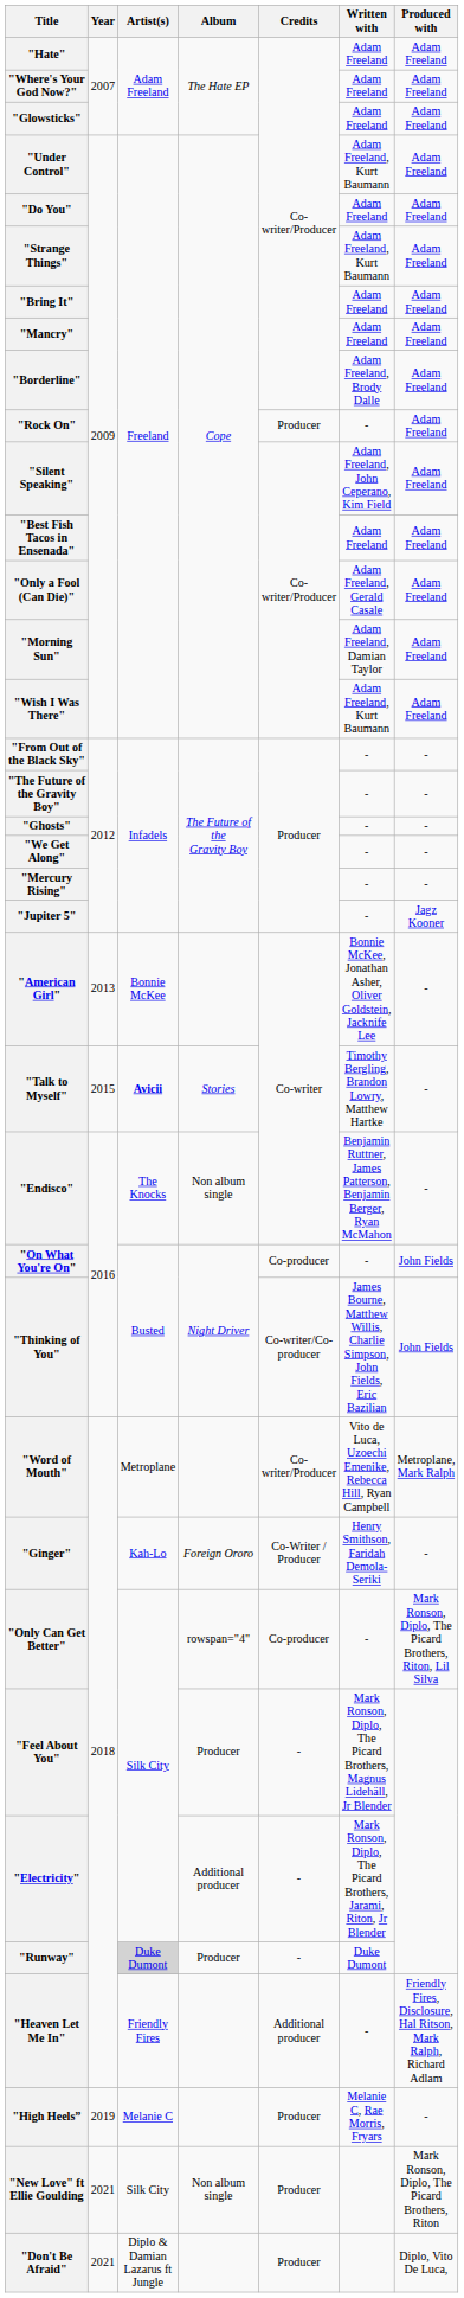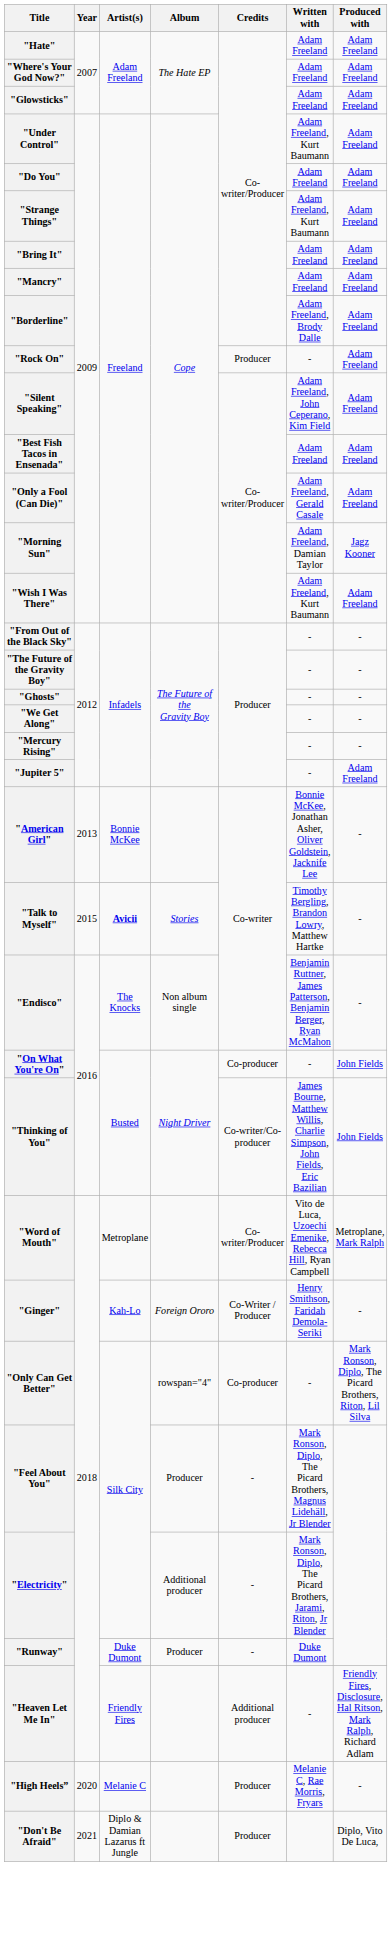 <table class="wikitable plainrowheaders" style="text-align:center;">
 <tr>
 <th scope="col" style="width:160px;">Title</th>
 <th scope="col">Year</th>
 <th scope="col">Artist(s)</th>
 <th scope="col" style="width:180px;">Album</th>
 <th scope="col">Credits</th>
 <th scope="col">Written with</th>
 <th scope="col">Produced with</th>
 </tr>
 <tr>
 <th scope="row">"Hate"</th>
 <td rowspan="3">2007</td>
 <td rowspan="3"><a href='#'>Adam Freeland</a></td>
 <td rowspan="3"><em>The Hate EP</em></td>
 <td rowspan="9">Co-writer/Producer</td>
 <td><a href='#'>Adam Freeland</a></td>
 <td><a href='#'>Adam Freeland</a></td>
 </tr>
 <tr>
 <th scope="row">"Where's Your God Now?"</th>
 <td><a href='#'>Adam Freeland</a></td>
 <td><a href='#'>Adam Freeland</a></td>
 </tr>
 <tr>
 <th scope="row">"Glowsticks"</th>
 <td><a href='#'>Adam Freeland</a></td>
 <td><a href='#'>Adam Freeland</a></td>
 </tr>
 <tr>
 <th scope="row">"Under Control"</th>
 <td rowspan="12">2009</td>
 <td rowspan="12"><a href='#'>Freeland</a></td>
 <td rowspan="12"><em><a href='#'>Cope</a></em></td>
 <td><a href='#'>Adam Freeland</a>, Kurt Baumann</td>
 <td><a href='#'>Adam Freeland</a></td>
 </tr>
 <tr>
 <th scope="row">"Do You"</th>
 <td><a href='#'>Adam Freeland</a></td>
 <td><a href='#'>Adam Freeland</a></td>
 </tr>
 <tr>
 <th scope="row">"Strange Things"</th>
 <td><a href='#'>Adam Freeland</a>, Kurt Baumann</td>
 <td><a href='#'>Adam Freeland</a></td>
 </tr>
 <tr>
 <th scope="row">"Bring It"</th>
 <td><a href='#'>Adam Freeland</a></td>
 <td><a href='#'>Adam Freeland</a></td>
 </tr>
 <tr>
 <th scope="row">"Mancry"</th>
 <td><a href='#'>Adam Freeland</a></td>
 <td><a href='#'>Adam Freeland</a></td>
 </tr>
 <tr>
 <th scope="row">"Borderline"<br></th>
 <td><a href='#'>Adam Freeland</a>, <a href='#'>Brody Dalle</a></td>
 <td><a href='#'>Adam Freeland</a></td>
 </tr>
 <tr>
 <th scope="row">"Rock On"</th>
 <td>Producer</td>
 <td>-</td>
 <td><a href='#'>Adam Freeland</a></td>
 </tr>
 <tr>
 <th scope="row">"Silent Speaking"</th>
 <td rowspan="5">Co-writer/Producer</td>
 <td><a href='#'>Adam Freeland</a>, <a href='#'>John Ceperano</a>, <a href='#'>Kim Field</a></td>
 <td><a href='#'>Adam Freeland</a></td>
 </tr>
 <tr>
 <th scope="row">"Best Fish Tacos in Ensenada"</th>
 <td><a href='#'>Adam Freeland</a></td>
 <td><a href='#'>Adam Freeland</a></td>
 </tr>
 <tr>
 <th scope="row">"Only a Fool (Can Die)"<br></th>
 <td><a href='#'>Adam Freeland</a>, <a href='#'>Gerald Casale</a></td>
 <td><a href='#'>Adam Freeland</a></td>
 </tr>
 <tr>
 <th scope="row">"Morning Sun"</th>
 <td><a href='#'>Adam Freeland</a>, Damian Taylor</td>
-<td><a href='#'>Adam Freeland</a></td>
+<td><a href='#'>Jagz Kooner</a></td>
 </tr>
 <tr>
 <th scope="row">"Wish I Was There"</th>
 <td><a href='#'>Adam Freeland</a>, Kurt Baumann</td>
 <td><a href='#'>Adam Freeland</a></td>
 </tr>
 <tr>
 <th scope="row">"From Out of the Black Sky"</th>
 <td rowspan="6">2012</td>
 <td rowspan="6"><a href='#'>Infadels</a></td>
 <td rowspan="6"><em><a href='#'>The Future of the<br>Gravity Boy</a></em></td>
 <td rowspan="6">Producer</td>
 <td>-</td>
 <td>-</td>
 </tr>
 <tr>
 <th scope="row">"The Future of the Gravity Boy"</th>
 <td>-</td>
 <td>-</td>
 </tr>
 <tr>
 <th scope="row">"Ghosts"</th>
 <td>-</td>
 <td>-</td>
 </tr>
 <tr>
 <th scope="row">"We Get Along"</th>
 <td>-</td>
 <td>-</td>
 </tr>
 <tr>
 <th scope="row">"Mercury Rising"</th>
 <td>-</td>
 <td>-</td>
 </tr>
 <tr>
 <th scope="row">"Jupiter 5"</th>
 <td>-</td>
-<td><a href='#'>Jagz Kooner</a></td>
+<td><a href='#'>Adam Freeland</a></td>
 </tr>
 <tr>
 <th scope="row">"<a href='#'>American Girl</a>"</th>
 <td>2013</td>
 <td><a href='#'>Bonnie McKee</a></td>
 <td></td>
 <td rowspan="3">Co-writer</td>
 <td><a href='#'>Bonnie McKee</a>, Jonathan Asher, <a href='#'>Oliver Goldstein</a>, <a href='#'>Jacknife Lee</a></td>
 <td>-</td>
 </tr>
 <tr>
 <th scope="row">"Talk to Myself"<br></th>
 <td>2015</td>
 <td><strong><a href='#'>Avicii</a></strong></td>
 <td><em><a href='#'>Stories</a></em></td>
 <td><a href='#'>Timothy Bergling</a>, <a href='#'>Brandon Lowry</a>, Matthew Hartke</td>
 <td>-</td>
 </tr>
 <tr>
 <th scope="row">"Endisco"</th>
 <td rowspan="3">2016</td>
 <td><a href='#'>The Knocks</a></td>
 <td>Non album single</td>
 <td><a href='#'>Benjamin Ruttner</a>, <a href='#'>James Patterson</a>, <a href='#'>Benjamin Berger</a>, <a href='#'>Ryan McMahon</a></td>
 <td>-</td>
 </tr>
 <tr>
 <th scope="row">"<a href='#'>On What You're On</a>"</th>
 <td rowspan="2"><a href='#'>Busted</a></td>
 <td rowspan="2"><em><a href='#'>Night Driver</a></em></td>
 <td>Co-producer</td>
 <td>-</td>
 <td><a href='#'>John Fields</a></td>
 </tr>
 <tr>
 <th scope="row">"Thinking of You"</th>
 <td>Co-writer/Co-producer</td>
 <td><a href='#'>James Bourne</a>, <a href='#'>Matthew Willis</a>, <a href='#'>Charlie Simpson</a>, <a href='#'>John Fields</a>, <a href='#'>Eric Bazilian</a></td>
 <td><a href='#'>John Fields</a></td>
 </tr>
 <tr>
 <th scope="row">"Word of Mouth"<br></th>
 <td rowspan="7">2018</td>
 <td>Metroplane</td>
 <td></td>
 <td>Co-writer/Producer</td>
 <td>Vito de Luca, <a href='#'>Uzoechi Emenike</a>, <a href='#'>Rebecca Hill</a>, Ryan Campbell</td>
 <td>Metroplane, <a href='#'>Mark Ralph</a></td>
 </tr>
 <tr>
 <th scope="row">"Ginger"<br></th>
 <td><a href='#'>Kah-Lo</a></td>
 <td><em>Foreign Ororo</em></td>
 <td>Co-Writer / Producer</td>
 <td><a href='#'>Henry Smithson</a>, <a href='#'>Faridah Demola-Seriki</a></td>
 <td>-</td>
 </tr>
 <tr>
 <th scope="row">"Only Can Get Better"<br></th>
 <td rowspan="3"><a href='#'>Silk City</a></td>
 <td>rowspan="4" </td>
 <td>Co-producer</td>
 <td>-</td>
 <td><a href='#'>Mark Ronson</a>, <a href='#'>Diplo</a>, The Picard Brothers, <a href='#'>Riton</a>, <a href='#'>Lil Silva</a></td>
 </tr>
 <tr>
 <th scope="row">"Feel About You"<br></th>
 <td>Producer</td>
 <td>-</td>
 <td><a href='#'>Mark Ronson</a>, <a href='#'>Diplo</a>, The Picard Brothers, <a href='#'>Magnus Lidehäll</a>, <a href='#'>Jr Blender</a></td>
 </tr>
 <tr>
 <th scope="row">"<a href='#'>Electricity</a>"<br></th>
 <td>Additional producer</td>
 <td>-</td>
 <td><a href='#'>Mark Ronson</a>, <a href='#'>Diplo</a>, The Picard Brothers, <a href='#'>Jarami</a>, <a href='#'>Riton</a>, <a href='#'>Jr Blender</a></td>
 </tr>
 <tr>
 <th scope="row">"Runway"</th>
-<td style="background: lightgrey;"><a href='#'>Duke Dumont</a></td>
+<td><a href='#'>Duke Dumont</a></td>
 <td>Producer</td>
 <td>-</td>
 <td><a href='#'>Duke Dumont</a></td>
 </tr>
 <tr>
 <th scope="row">"Heaven Let Me In"</th>
 <td><a href='#'>Friendly Fires</a></td>
 <td></td>
 <td>Additional producer</td>
 <td>-</td>
 <td><a href='#'>Friendly Fires</a>, <a href='#'>Disclosure</a>, <a href='#'>Hal Ritson</a>, <a href='#'>Mark Ralph</a>, Richard Adlam</td>
 </tr>
 <tr>
 <th scope="row">"High Heels”</th>
-<td rowspan="1””">2019</td>
+<td rowspan="1””">2020</td>
 <td><a href='#'>Melanie C</a></td>
 <td></td>
 <td>Producer</td>
 <td><a href='#'>Melanie C</a>, <a href='#'>Rae Morris</a>,<br><a href='#'>Fryars</a></td>
 <td>-</td>
-</tr>
-<tr>
-<th>"New Love" ft Ellie Goulding</th>
-<td>2021</td>
-<td>Silk City</td>
-<td>Non album single</td>
-<td>Producer</td>
-<td></td>
-<td>Mark Ronson, Diplo, The Picard Brothers, Riton</td>
 </tr>
 <tr>
 <th>"Don't Be Afraid"</th>
 <td>2021</td>
 <td>Diplo & Damian Lazarus ft Jungle</td>
 <td></td>
 <td>Producer</td>
 <td></td>
 <td>Diplo, Vito De Luca,</td>
 </tr>
 </table>
